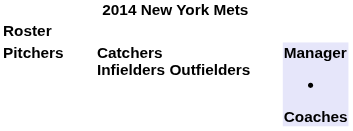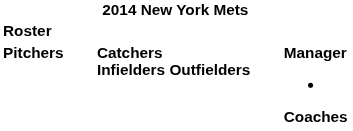 <table class="toccolours" style="font-size: 95%;">
 <tr>
 <th colspan="10">2014 New York Mets</th>
 </tr>
 <tr>
 <td colspan="10"><strong>Roster</strong></td>
 </tr>
 <tr>
 <td valign="top"><strong>Pitchers</strong><br>                     </td>
 <td width="25px"></td>
 <td valign="top"><strong>Catchers</strong><br>    <strong>Infielders</strong>           <strong>Outfielders</strong>         </td>
 <td width="25px"></td>
-<td valign="top" style="background: lavender;"><strong>Manager</strong><br><ul><li></li></ul><strong>Coaches</strong>                    </td>
+<td valign="top"><strong>Manager</strong><br><ul><li></li></ul><strong>Coaches</strong>                    </td>
 </tr>
 </table>
